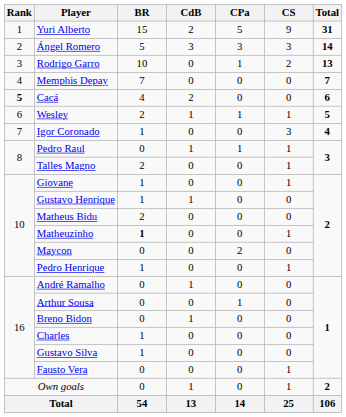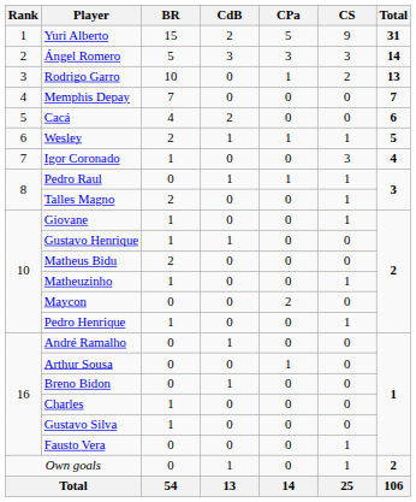 <table class="wikitable" style="text-align:center;">
 <tr>
 <th>Rank</th>
 <th>Player</th>
 <th width=14.5%><abbr>BR</abbr></th>
 <th width=14.5%><abbr>CdB</abbr></th>
 <th width=14.5%><abbr>CPa</abbr></th>
 <th width=14.5%><abbr>CS</abbr></th>
 <th>Total</th>
 </tr>
 <tr>
 <td>1</td>
 <td align=left> <a href='#'>Yuri Alberto</a></td>
 <td>15</td>
 <td>2</td>
 <td>5</td>
 <td>9</td>
 <td><strong>31</strong></td>
 </tr>
 <tr>
 <td>2</td>
 <td align=left> <a href='#'>Ángel Romero</a></td>
 <td>5</td>
 <td>3</td>
 <td>3</td>
 <td>3</td>
 <td><strong>14</strong></td>
 </tr>
 <tr>
 <td>3</td>
 <td align=left> <a href='#'>Rodrigo Garro</a></td>
 <td>10</td>
 <td>0</td>
 <td>1</td>
 <td>2</td>
 <td><strong>13</strong></td>
 </tr>
 <tr>
 <td>4</td>
 <td align=left> <a href='#'>Memphis Depay</a></td>
 <td>7</td>
 <td>0</td>
 <td>0</td>
 <td>0</td>
 <td><strong>7</strong></td>
 </tr>
 <tr>
-<td><strong>5</strong></td>
+<td>5</td>
 <td align=left> <a href='#'>Cacá</a></td>
 <td>4</td>
 <td>2</td>
 <td>0</td>
 <td>0</td>
 <td><strong>6</strong></td>
 </tr>
 <tr>
 <td>6</td>
 <td align=left> <a href='#'>Wesley</a></td>
 <td>2</td>
 <td>1</td>
 <td>1</td>
 <td>1</td>
 <td><strong>5</strong></td>
 </tr>
 <tr>
 <td>7</td>
 <td align=left> <a href='#'>Igor Coronado</a></td>
 <td>1</td>
 <td>0</td>
 <td>0</td>
 <td>3</td>
 <td><strong>4</strong></td>
 </tr>
 <tr>
 <td rowspan=2>8</td>
 <td align=left> <a href='#'>Pedro Raul</a></td>
 <td>0</td>
 <td>1</td>
 <td>1</td>
 <td>1</td>
 <td rowspan=2><strong>3</strong></td>
 </tr>
 <tr>
 <td align=left> <a href='#'>Talles Magno</a></td>
 <td>2</td>
 <td>0</td>
 <td>0</td>
 <td>1</td>
 </tr>
 <tr>
 <td rowspan=6>10</td>
 <td align=left> <a href='#'>Giovane</a></td>
 <td>1</td>
 <td>0</td>
 <td>0</td>
 <td>1</td>
 <td rowspan=6><strong>2</strong></td>
 </tr>
 <tr>
 <td align=left> <a href='#'>Gustavo Henrique</a></td>
 <td>1</td>
 <td>1</td>
 <td>0</td>
 <td>0</td>
 </tr>
 <tr>
 <td align=left> <a href='#'>Matheus Bidu</a></td>
 <td>2</td>
 <td>0</td>
 <td>0</td>
 <td>0</td>
 </tr>
 <tr>
 <td align=left> <a href='#'>Matheuzinho</a></td>
-<td><strong>1</strong></td>
+<td>1</td>
 <td>0</td>
 <td>0</td>
 <td>1</td>
 </tr>
 <tr>
 <td align=left> <a href='#'>Maycon</a></td>
 <td>0</td>
 <td>0</td>
 <td>2</td>
 <td>0</td>
 </tr>
 <tr>
 <td align=left> <a href='#'>Pedro Henrique</a></td>
 <td>1</td>
 <td>0</td>
 <td>0</td>
 <td>1</td>
 </tr>
 <tr>
 <td rowspan=6>16</td>
 <td align=left> <a href='#'>André Ramalho</a></td>
 <td>0</td>
 <td>1</td>
 <td>0</td>
 <td>0</td>
 <td rowspan=6><strong>1</strong></td>
 </tr>
 <tr>
 <td align=left> <a href='#'>Arthur Sousa</a></td>
 <td>0</td>
 <td>0</td>
 <td>1</td>
 <td>0</td>
 </tr>
 <tr>
 <td align=left> <a href='#'>Breno Bidon</a></td>
 <td>0</td>
 <td>1</td>
 <td>0</td>
 <td>0</td>
 </tr>
 <tr>
 <td align=left> <a href='#'>Charles</a></td>
 <td>1</td>
 <td>0</td>
 <td>0</td>
 <td>0</td>
 </tr>
 <tr>
 <td align=left> <a href='#'>Gustavo Silva</a></td>
 <td>1</td>
 <td>0</td>
 <td>0</td>
 <td>0</td>
 </tr>
 <tr>
 <td align=left> <a href='#'>Fausto Vera</a></td>
 <td>0</td>
 <td>0</td>
 <td>0</td>
 <td>1</td>
 </tr>
 <tr>
 <td align=center colspan=2><em>Own goals</em></td>
 <td>0</td>
 <td>1</td>
 <td>0</td>
 <td>1</td>
 <td><strong>2</strong></td>
 </tr>
 <tr>
 <th colspan=2>Total</th>
 <th>54</th>
 <th>13</th>
 <th>14</th>
 <th>25</th>
 <th>106</th>
 </tr>
 </table>
